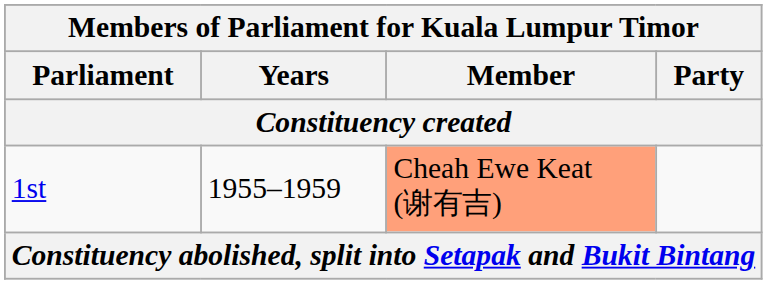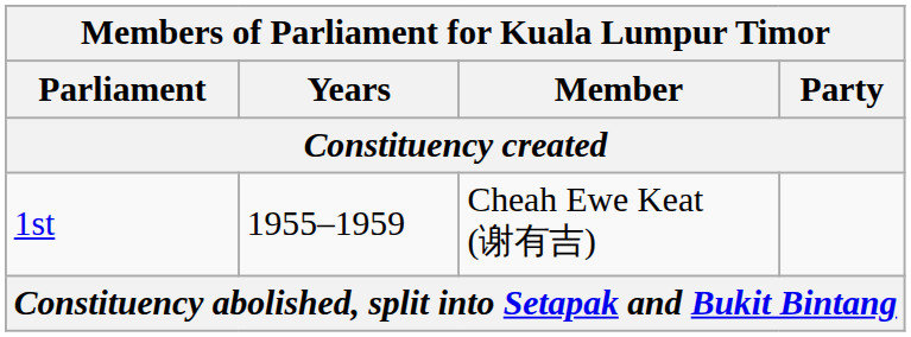 <table class="wikitable">
 <tr>
 <th colspan="4">Members of Parliament for Kuala Lumpur Timor</th>
 </tr>
 <tr>
 <th>Parliament</th>
 <th>Years</th>
 <th>Member</th>
 <th>Party</th>
 </tr>
 <tr>
 <th colspan="4"><em>Constituency created</em></th>
 </tr>
 <tr>
 <td><a href='#'>1st</a></td>
 <td>1955–1959</td>
-<td style="background: lightsalmon;">Cheah Ewe Keat  <br>(谢有吉)</td>
+<td>Cheah Ewe Keat  <br>(谢有吉)</td>
 <td></td>
 </tr>
 <tr>
 <th colspan="4"><em>Constituency abolished, split into <a href='#'>Setapak</a> and <a href='#'>Bukit Bintang</a></em></th>
 </tr>
 </table>
